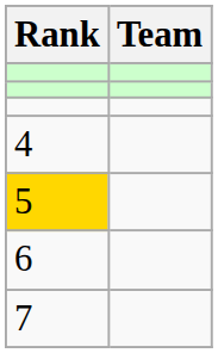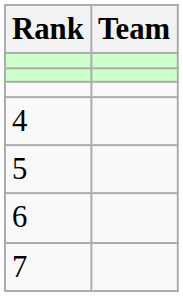 <table class="wikitable">
 <tr>
 <th>Rank</th>
 <th>Team</th>
 </tr>
 <tr bgcolor="#ccffcc">
 <td></td>
 <td></td>
 </tr>
 <tr bgcolor="#ccffcc">
 <td></td>
 <td></td>
 </tr>
 <tr>
 <td></td>
 <td></td>
 </tr>
 <tr>
 <td>4</td>
 <td></td>
 </tr>
 <tr>
-<td style="background: gold;">5</td>
+<td>5</td>
 <td></td>
 </tr>
 <tr>
 <td>6</td>
 <td></td>
 </tr>
 <tr>
 <td>7</td>
 <td></td>
 </tr>
 </table>
